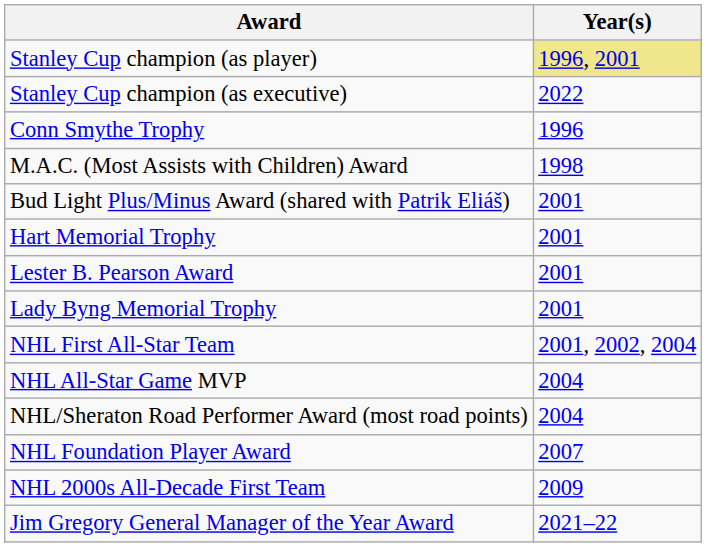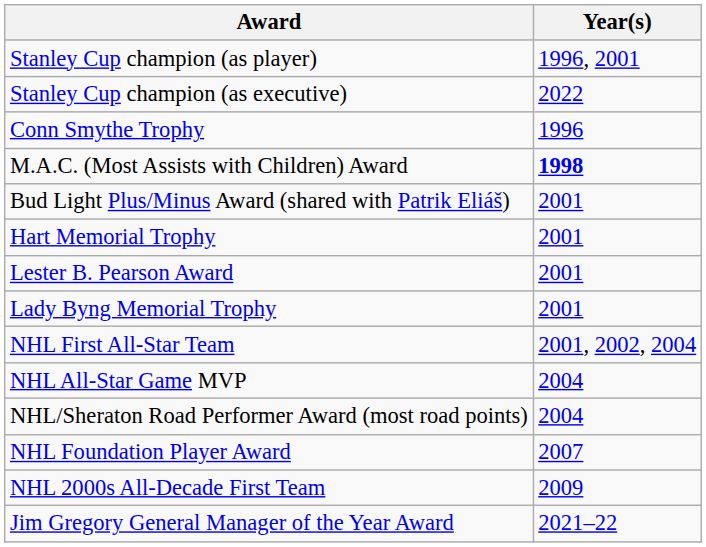 <table class="wikitable">
 <tr>
 <th>Award</th>
 <th>Year(s)</th>
 </tr>
 <tr>
 <td><a href='#'>Stanley Cup</a> champion (as player)</td>
-<td style="background: khaki;"><a href='#'>1996</a>, <a href='#'>2001</a></td>
+<td><a href='#'>1996</a>, <a href='#'>2001</a></td>
 </tr>
 <tr>
 <td><a href='#'>Stanley Cup</a> champion (as executive)</td>
 <td><a href='#'>2022</a></td>
 </tr>
 <tr>
 <td><a href='#'>Conn Smythe Trophy</a></td>
 <td><a href='#'>1996</a></td>
 </tr>
 <tr>
 <td>M.A.C. (Most Assists with Children) Award</td>
-<td><a href='#'>1998</a></td>
+<td><strong><a href='#'>1998</a></strong></td>
 </tr>
 <tr>
 <td>Bud Light <a href='#'>Plus/Minus</a> Award (shared with <a href='#'>Patrik Eliáš</a>)</td>
 <td><a href='#'>2001</a></td>
 </tr>
 <tr>
 <td><a href='#'>Hart Memorial Trophy</a></td>
 <td><a href='#'>2001</a></td>
 </tr>
 <tr>
 <td><a href='#'>Lester B. Pearson Award</a></td>
 <td><a href='#'>2001</a></td>
 </tr>
 <tr>
 <td><a href='#'>Lady Byng Memorial Trophy</a></td>
 <td><a href='#'>2001</a></td>
 </tr>
 <tr>
 <td><a href='#'>NHL First All-Star Team</a></td>
 <td><a href='#'>2001</a>, <a href='#'>2002</a>, <a href='#'>2004</a></td>
 </tr>
 <tr>
 <td><a href='#'>NHL All-Star Game</a> MVP</td>
 <td><a href='#'>2004</a></td>
 </tr>
 <tr>
 <td>NHL/Sheraton Road Performer Award (most road points)</td>
 <td><a href='#'>2004</a></td>
 </tr>
 <tr>
 <td><a href='#'>NHL Foundation Player Award</a></td>
 <td><a href='#'>2007</a></td>
 </tr>
 <tr>
 <td><a href='#'>NHL 2000s All-Decade First Team</a></td>
 <td><a href='#'>2009</a></td>
 </tr>
 <tr>
 <td><a href='#'>Jim Gregory General Manager of the Year Award</a></td>
 <td><a href='#'>2021–22</a></td>
 </tr>
 </table>
